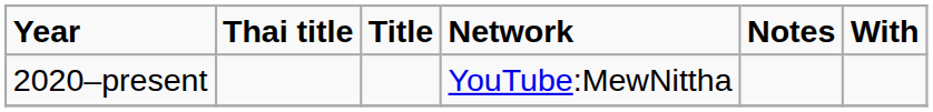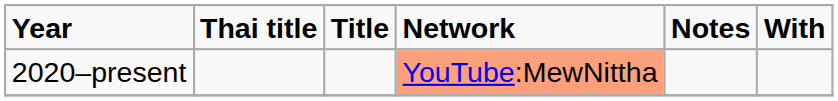 <table class="wikitable" style="font-size: 85%;">
 <tr>
 <td><strong>Year</strong></td>
 <td><strong>Thai title</strong></td>
 <td><strong>Title</strong></td>
 <td><strong>Network</strong></td>
 <td><strong>Notes</strong></td>
 <td><strong>With</strong></td>
 </tr>
 <tr>
 <td rowspan="1">2020–present</td>
 <td><em> </em></td>
 <td><em> </em></td>
-<td><a href='#'>YouTube</a>:MewNittha</td>
+<td style="background: lightsalmon;"><a href='#'>YouTube</a>:MewNittha</td>
 <td></td>
 <td></td>
 </tr>
 <tr>
 </tr>
 </table>
